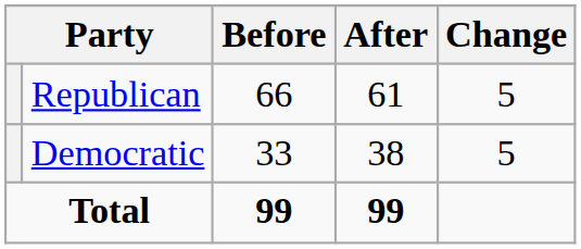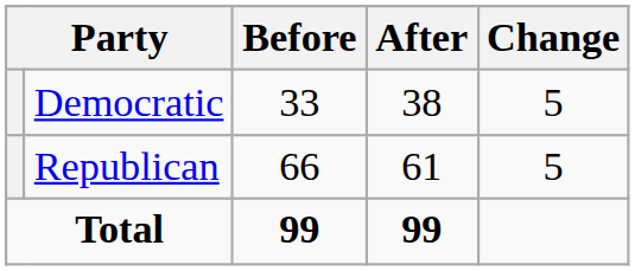 <table class="wikitable" style="text-align:center;">
 <tr>
 </tr>
 <tr>
 <th colspan=2>Party</th>
 <th>Before</th>
 <th>After</th>
 <th>Change</th>
 </tr>
 <tr>
 <th style="background-color:"></th>
-<td style="text-align:left;"><a href='#'>Republican</a></td>
-<td>66</td>
-<td>61</td>
+<td style="text-align:left;"><a href='#'>Democratic</a></td>
+<td>33</td>
+<td>38</td>
 <td> 5</td>
 </tr>
 <tr>
 <th style="background-color:"></th>
-<td style="text-align:left;"><a href='#'>Democratic</a></td>
-<td>33</td>
-<td>38</td>
+<td style="text-align:left;"><a href='#'>Republican</a></td>
+<td>66</td>
+<td>61</td>
 <td> 5</td>
 </tr>
 <tr>
 <td colspan=2><strong>Total</strong></td>
 <td><strong>99</strong></td>
 <td><strong>99</strong></td>
 <td></td>
 </tr>
 </table>
